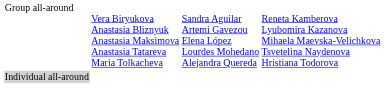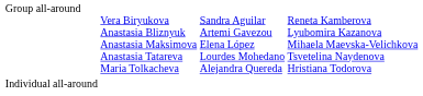 <table>
 <tr valign="top">
 <td>Group all-around<br></td>
 <td><br><a href='#'>Vera Biryukova</a><br><a href='#'>Anastasia Bliznyuk</a><br><a href='#'>Anastasia Maksimova</a><br><a href='#'>Anastasia Tatareva</a><br><a href='#'>Maria Tolkacheva</a></td>
 <td><br><a href='#'>Sandra Aguilar</a><br><a href='#'>Artemi Gavezou</a><br><a href='#'>Elena López</a><br><a href='#'>Lourdes Mohedano</a><br><a href='#'>Alejandra Quereda</a></td>
 <td><br><a href='#'>Reneta Kamberova</a><br><a href='#'>Lyubomira Kazanova</a><br><a href='#'>Mihaela Maevska-Velichkova</a><br><a href='#'>Tsvetelina Naydenova</a><br><a href='#'>Hristiana Todorova</a></td>
 </tr>
 <tr valign="top">
-<td style="background: lightgrey;">Individual all-around<br></td>
+<td>Individual all-around<br></td>
 <td></td>
 <td></td>
 <td></td>
 </tr>
 <tr>
 </tr>
 </table>
